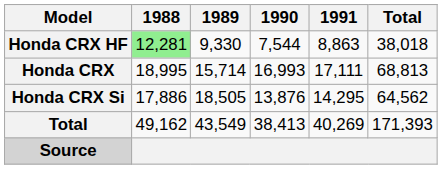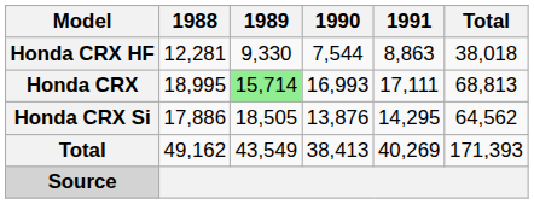 <table class="wikitable plainrowheaders" Style="text-align:center">
 <tr>
 <th scope="col">Model</th>
 <th scope="col">1988</th>
 <th scope="col">1989</th>
 <th scope="col">1990</th>
 <th scope="col">1991</th>
 <th scope="col">Total</th>
 </tr>
 <tr>
 <th scope="row">Honda CRX HF</th>
-<td style="background: lightgreen;">12,281</td>
+<td>12,281</td>
 <td>9,330</td>
 <td>7,544</td>
 <td>8,863</td>
 <td>38,018</td>
 </tr>
 <tr>
 <th scope="row">Honda CRX</th>
 <td>18,995</td>
-<td>15,714</td>
+<td style="background: lightgreen;">15,714</td>
 <td>16,993</td>
 <td>17,111</td>
 <td>68,813</td>
 </tr>
 <tr>
 <th scope="row">Honda CRX Si</th>
 <td>17,886</td>
 <td>18,505</td>
 <td>13,876</td>
 <td>14,295</td>
 <td>64,562</td>
 </tr>
 <tr>
 <th scope="row">Total</th>
 <td>49,162</td>
 <td>43,549</td>
 <td>38,413</td>
 <td>40,269</td>
 <td>171,393</td>
 </tr>
 <tr>
 <th style="text-align: center;background: lightgray;">Source</th>
 <th colspan="5"></th>
 </tr>
 </table>
